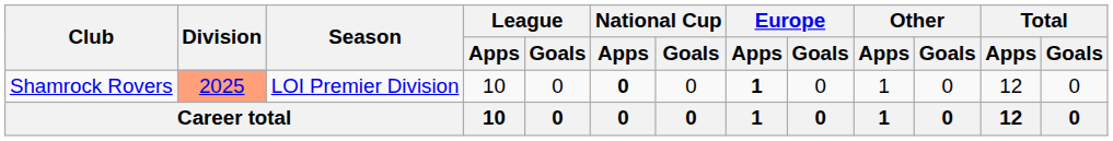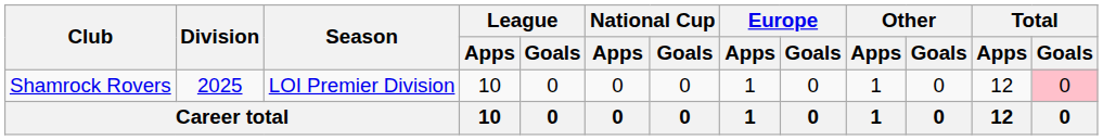 <table class=wikitable style="text-align: center">
 <tr>
 <th rowspan="2">Club</th>
 <th rowspan="2">Division</th>
 <th rowspan="2">Season</th>
 <th colspan="2">League</th>
 <th colspan="2">National Cup</th>
 <th colspan="2"><a href='#'>Europe</a></th>
 <th colspan="2">Other</th>
 <th colspan="2">Total</th>
 </tr>
 <tr>
 <th>Apps</th>
 <th>Goals</th>
 <th>Apps</th>
 <th>Goals</th>
 <th>Apps</th>
 <th>Goals</th>
 <th>Apps</th>
 <th>Goals</th>
 <th>Apps</th>
 <th>Goals</th>
 </tr>
 <tr>
 <td><a href='#'>Shamrock Rovers</a></td>
-<td style="background: lightsalmon;"><a href='#'>2025</a></td>
+<td><a href='#'>2025</a></td>
 <td><a href='#'>LOI Premier Division</a></td>
 <td>10</td>
 <td>0</td>
-<td><strong>0</strong></td>
 <td>0</td>
-<td><strong>1</strong></td>
+<td>0</td>
+<td>1</td>
 <td>0</td>
 <td>1</td>
 <td>0</td>
 <td>12</td>
-<td>0</td>
+<td style="background: pink;">0</td>
 </tr>
 <tr>
 <th colspan="3">Career total</th>
 <th>10</th>
 <th>0</th>
 <th>0</th>
 <th>0</th>
 <th>1</th>
 <th>0</th>
 <th>1</th>
 <th>0</th>
 <th>12</th>
 <th>0</th>
 </tr>
 </table>
